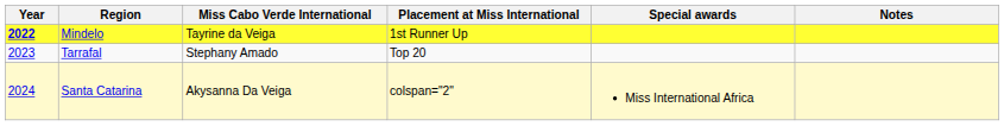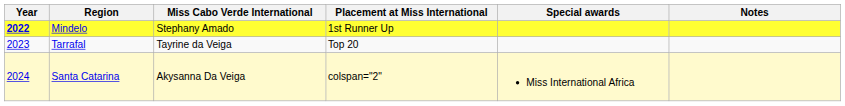 <table class="wikitable " style="font-size: 95%;">
 <tr>
 <th width="60">Year</th>
 <th width="150">Region</th>
 <th width="250">Miss Cabo Verde International</th>
 <th width="250">Placement at Miss International</th>
 <th width="250">Special awards</th>
 <th width="250">Notes</th>
 </tr>
 <tr style="background-color:#FFFF33;">
 <td><strong><a href='#'>2022</a></strong></td>
 <td><a href='#'>Mindelo</a></td>
-<td>Tayrine da Veiga</td>
+<td>Stephany Amado</td>
 <td>1st Runner Up</td>
 <td></td>
 <td></td>
 </tr>
 <tr>
 <td><a href='#'>2023</a></td>
 <td><a href='#'>Tarrafal</a></td>
-<td>Stephany Amado</td>
+<td>Tayrine da Veiga</td>
 <td>Top 20</td>
 <td></td>
 </tr>
 <tr style="background-color:#FFFACD;">
 <td><a href='#'>2024</a></td>
 <td><a href='#'>Santa Catarina</a></td>
 <td>Akysanna Da Veiga</td>
 <td>colspan="2" </td>
 <td><br><ul><li>Miss International Africa</li></ul></td>
 <td></td>
 </tr>
 </table>
